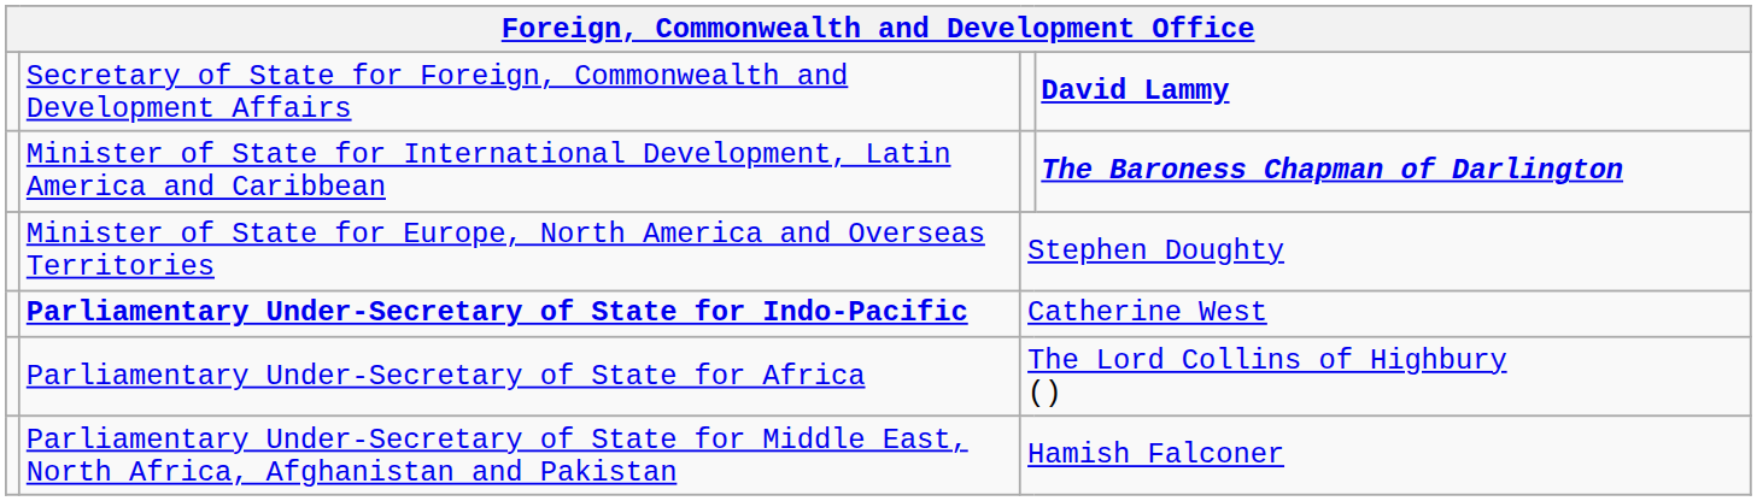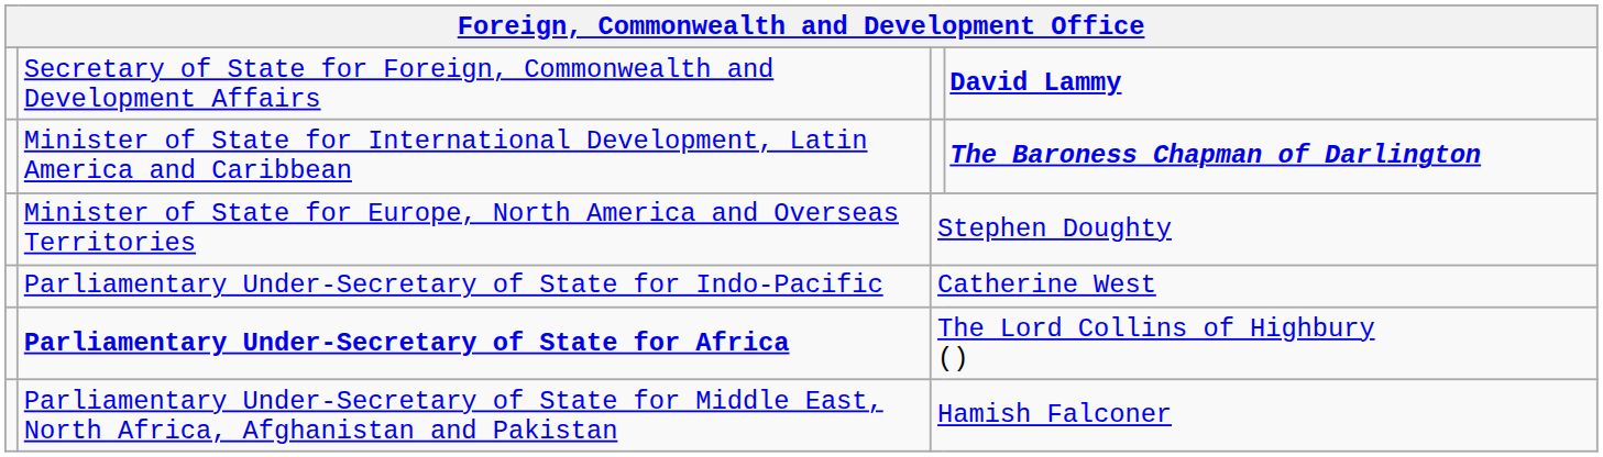 <table class="wikitable">
 <tr>
 <th colspan="4"><a href='#'>Foreign, Commonwealth and Development Office</a></th>
 </tr>
 <tr>
 <td style="background: "></td>
 <td style="width: 450px;"><a href='#'>Secretary of State for Foreign, Commonwealth and Development Affairs</a></td>
 <td style="background: "></td>
 <td style="width: 320px;"><strong><a href='#'>David Lammy</a></strong></td>
 </tr>
 <tr>
 <td style="background: "></td>
 <td><a href='#'>Minister of State for International Development, Latin America and Caribbean</a></td>
 <td style="background: "></td>
 <td><strong><em><a href='#'>The Baroness Chapman of Darlington</a></em></strong></td>
 </tr>
 <tr>
 <td style="background: "></td>
 <td><a href='#'>Minister of State for Europe, North America and Overseas Territories</a></td>
 <td colspan="2"><a href='#'>Stephen Doughty</a></td>
 </tr>
 <tr>
 <td style="background: "></td>
-<td><strong><a href='#'>Parliamentary Under-Secretary of State for Indo-Pacific</a></strong></td>
+<td><a href='#'>Parliamentary Under-Secretary of State for Indo-Pacific</a></td>
 <td colspan="2"><a href='#'>Catherine West</a></td>
 </tr>
 <tr>
 <td style="background: "></td>
-<td><a href='#'>Parliamentary Under-Secretary of State for Africa</a></td>
+<td><strong><a href='#'>Parliamentary Under-Secretary of State for Africa</a></strong></td>
 <td colspan=2><a href='#'>The Lord Collins of Highbury</a><br>()<br></td>
 </tr>
 <tr>
 <td style="background: "></td>
 <td><a href='#'>Parliamentary Under-Secretary of State for Middle East, North Africa, Afghanistan and Pakistan</a></td>
 <td colspan=2><a href='#'>Hamish Falconer</a><br></td>
 </tr>
 </table>
